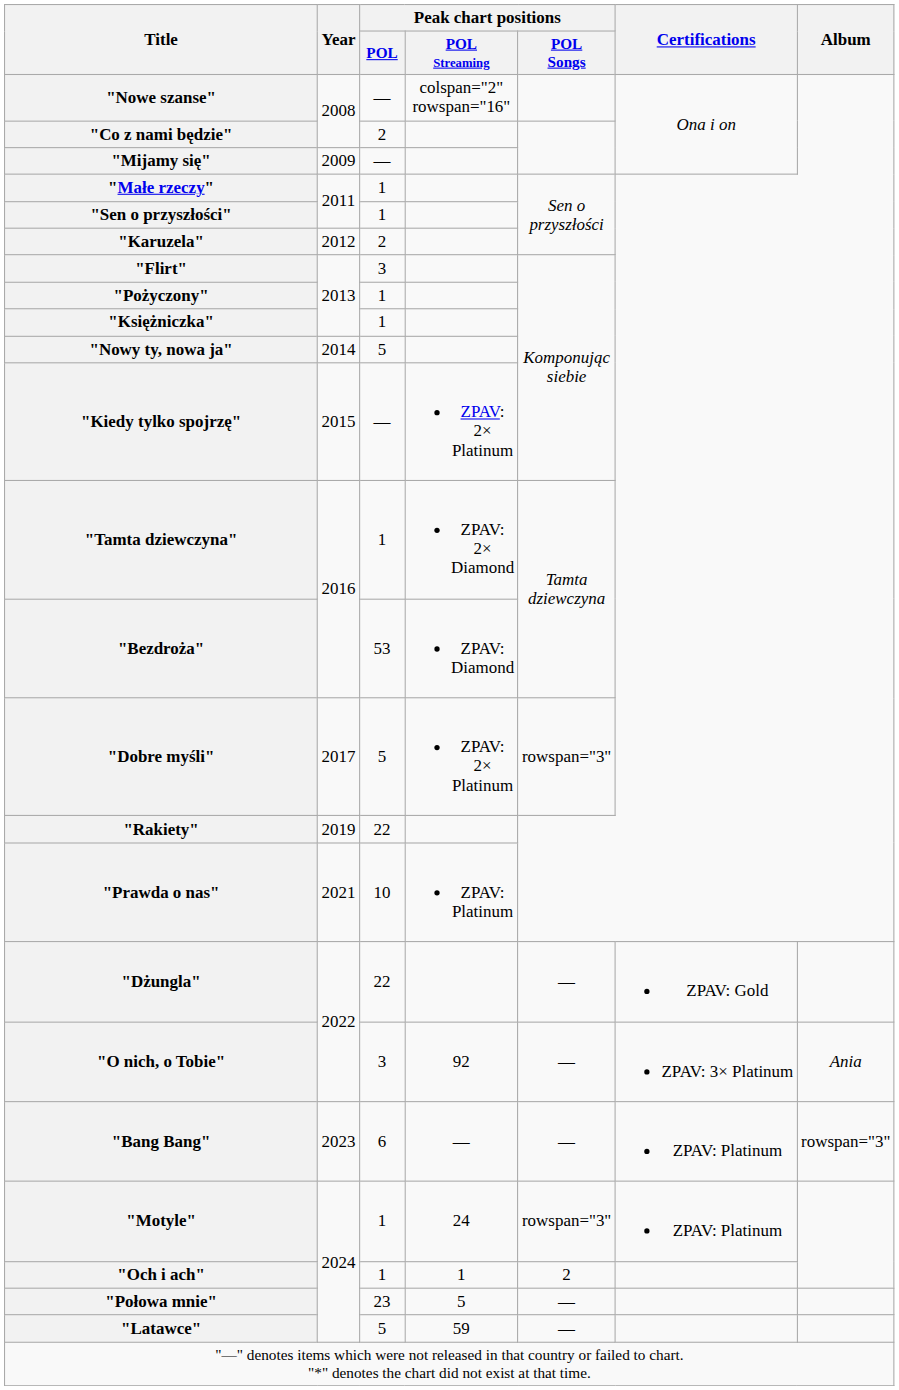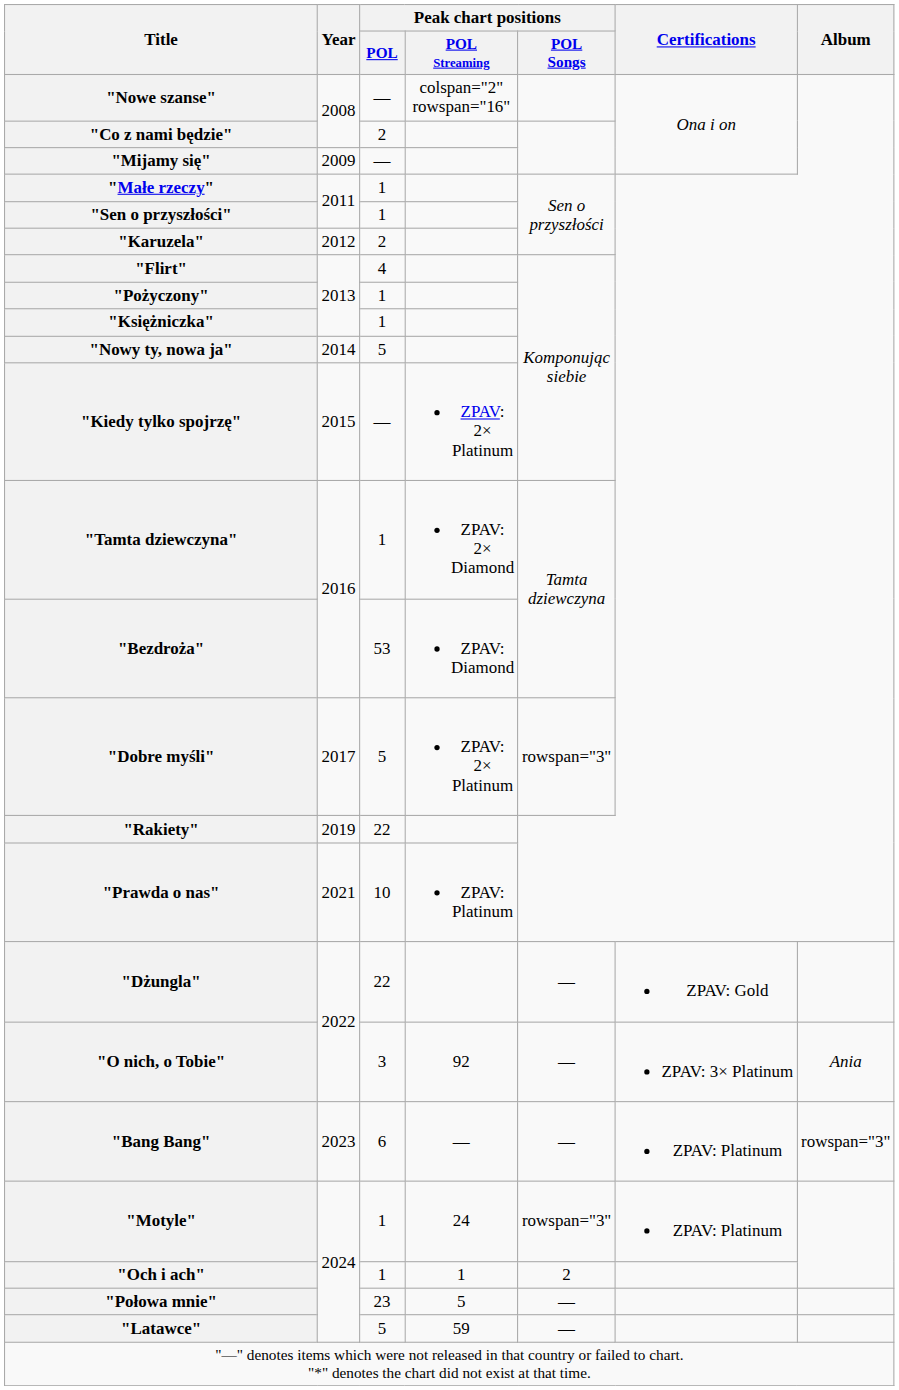 <table class="wikitable plainrowheaders" style="text-align:center;">
 <tr>
 <th scope="col" rowspan="2" style="width:18em;">Title</th>
 <th scope="col" rowspan="2">Year</th>
 <th scope="col" colspan="3">Peak chart positions</th>
 <th scope="col" rowspan="2"><a href='#'>Certifications</a></th>
 <th scope="col" rowspan="2">Album</th>
 </tr>
 <tr>
 <th style="width:2.5em;font-size:90%"><a href='#'>POL</a><br></th>
 <th style="width:2.5em;font-size:90%"><a href='#'>POL<br><small>Streaming</small></a><br></th>
 <th style="width:2.5em;font-size:90%"><a href='#'>POL<br>Songs</a><br></th>
 </tr>
 <tr>
 <th scope="row">"Nowe szanse"<br></th>
 <td rowspan="2">2008</td>
 <td>—</td>
 <td>colspan="2" rowspan="16" </td>
 <td></td>
 <td rowspan="3"><em>Ona i on</em></td>
 </tr>
 <tr>
 <th scope="row">"Co z nami będzie"<br></th>
 <td>2</td>
 <td></td>
 </tr>
 <tr>
 <th scope="row">"Mijamy się"<br></th>
 <td>2009</td>
 <td>—</td>
 <td></td>
 </tr>
 <tr>
 <th scope="row">"<a href='#'>Małe rzeczy</a>"</th>
 <td rowspan="2">2011</td>
 <td>1</td>
 <td></td>
 <td rowspan="3"><em>Sen o przyszłości</em></td>
 </tr>
 <tr>
 <th scope="row">"Sen o przyszłości"</th>
 <td>1</td>
 <td></td>
 </tr>
 <tr>
 <th scope="row">"Karuzela"</th>
 <td>2012</td>
 <td>2</td>
 <td></td>
 </tr>
 <tr>
 <th scope="row">"Flirt"</th>
 <td rowspan="3">2013</td>
-<td>3</td>
+<td>4</td>
 <td></td>
 <td rowspan="5"><em>Komponując siebie</em></td>
 </tr>
 <tr>
 <th scope="row">"Pożyczony"</th>
 <td>1</td>
 <td></td>
 </tr>
 <tr>
 <th scope="row">"Księżniczka"</th>
 <td>1</td>
 <td></td>
 </tr>
 <tr>
 <th scope="row">"Nowy ty, nowa ja"</th>
 <td>2014</td>
 <td>5</td>
 <td></td>
 </tr>
 <tr>
 <th scope="row">"Kiedy tylko spojrzę"<br></th>
 <td>2015</td>
 <td>—</td>
 <td><br><ul><li><a href='#'>ZPAV</a>: 2× Platinum</li></ul></td>
 </tr>
 <tr>
 <th scope="row">"Tamta dziewczyna"</th>
 <td rowspan="2">2016</td>
 <td>1</td>
 <td><br><ul><li>ZPAV: 2× Diamond</li></ul></td>
 <td rowspan="2"><em>Tamta dziewczyna</em></td>
 </tr>
 <tr>
 <th scope="row">"Bezdroża"<br></th>
 <td>53</td>
 <td><br><ul><li>ZPAV: Diamond</li></ul></td>
 </tr>
 <tr>
 <th scope="row">"Dobre myśli"<br></th>
 <td>2017</td>
 <td>5</td>
 <td><br><ul><li>ZPAV: 2× Platinum</li></ul></td>
 <td>rowspan="3" </td>
 </tr>
 <tr>
 <th scope="row">"Rakiety"</th>
 <td>2019</td>
 <td>22</td>
 <td></td>
 </tr>
 <tr>
 <th scope="row">"Prawda o nas"</th>
 <td>2021</td>
 <td>10</td>
 <td><br><ul><li>ZPAV: Platinum</li></ul></td>
 </tr>
 <tr>
 <th scope="row">"Dżungla"</th>
 <td rowspan="2">2022</td>
 <td>22</td>
 <td></td>
 <td>—</td>
 <td><br><ul><li>ZPAV: Gold</li></ul></td>
 <td></td>
 </tr>
 <tr>
 <th scope="row">"O nich, o Tobie"</th>
 <td>3</td>
 <td>92</td>
 <td>—</td>
 <td><br><ul><li>ZPAV: 3× Platinum</li></ul></td>
 <td><em>Ania</em></td>
 </tr>
 <tr>
 <th scope="row">"Bang Bang"</th>
 <td>2023</td>
 <td>6</td>
 <td>—</td>
 <td>—</td>
 <td><br><ul><li>ZPAV: Platinum</li></ul></td>
 <td>rowspan="3" </td>
 </tr>
 <tr>
 <th scope="row">"Motyle"</th>
 <td rowspan="4">2024</td>
 <td>1</td>
 <td>24</td>
 <td>rowspan="3" </td>
 <td><br><ul><li>ZPAV: Platinum</li></ul></td>
 </tr>
 <tr>
 <th scope="row">"Och i ach"</th>
 <td>1</td>
 <td>1</td>
 <td>2</td>
 <td></td>
 </tr>
 <tr>
 <th scope="row">"Połowa mnie"<br></th>
 <td>23</td>
 <td>5</td>
 <td>—</td>
 <td></td>
 <td></td>
 </tr>
 <tr>
 <th scope="row">"Latawce"</th>
 <td>5</td>
 <td>59</td>
 <td>—</td>
 <td></td>
 <td></td>
 </tr>
 <tr>
 <td colspan="7" style="font-size:90%;">"—" denotes items which were not released in that country or failed to chart.<br>"*" denotes the chart did not exist at that time.</td>
 </tr>
 </table>
